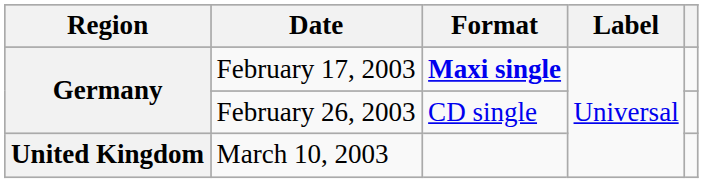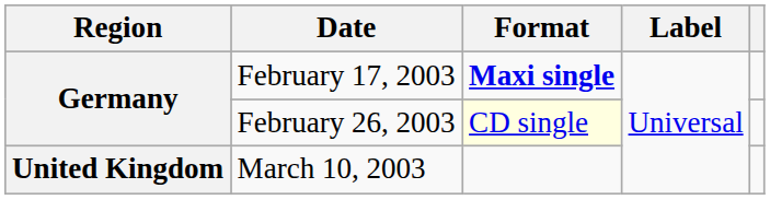 <table class="wikitable plainrowheaders">
 <tr>
 <th scope="col">Region</th>
 <th scope="col">Date</th>
 <th scope="col">Format</th>
 <th scope="col">Label</th>
 <th scope="col"></th>
 </tr>
 <tr>
 <th scope="row" rowspan="2">Germany</th>
 <td>February 17, 2003</td>
 <td><strong><a href='#'>Maxi single</a></strong></td>
 <td rowspan="3"><a href='#'>Universal</a></td>
 <td></td>
 </tr>
 <tr>
 <td>February 26, 2003</td>
-<td><a href='#'>CD single</a></td>
+<td style="background: lightyellow;"><a href='#'>CD single</a></td>
 <td></td>
 </tr>
 <tr>
 <th scope="row">United Kingdom</th>
 <td>March 10, 2003</td>
 <td></td>
 <td></td>
 </tr>
 </table>
